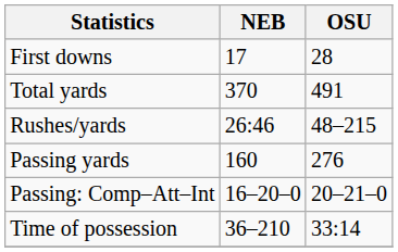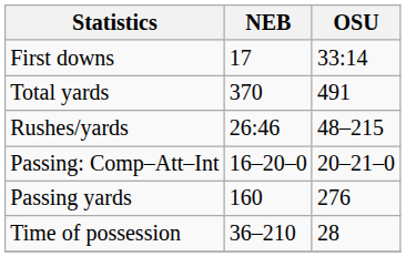 <table class="wikitable" style="float: left;">
 <tr>
 <th>Statistics</th>
 <th>NEB</th>
 <th>OSU</th>
 </tr>
 <tr>
 <td>First downs</td>
 <td>17</td>
-<td>28</td>
+<td>33:14</td>
 </tr>
 <tr>
 <td>Total yards</td>
 <td>370</td>
 <td>491</td>
 </tr>
 <tr>
 <td>Rushes/yards</td>
 <td>26:46</td>
 <td>48–215</td>
 </tr>
 <tr>
+<td>Passing: Comp–Att–Int</td>
+<td>16–20–0</td>
+<td>20–21–0</td>
+</tr>
+<tr>
 <td>Passing yards</td>
 <td>160</td>
 <td>276</td>
 </tr>
 <tr>
-<td>Passing: Comp–Att–Int</td>
-<td>16–20–0</td>
-<td>20–21–0</td>
-</tr>
-<tr>
 <td>Time of possession</td>
 <td>36–210</td>
-<td>33:14</td>
+<td>28</td>
 </tr>
 <tr>
 </tr>
 </table>
